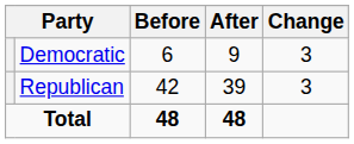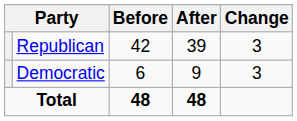 <table class="wikitable" style="text-align:center;">
 <tr>
 </tr>
 <tr>
 <th colspan=2>Party</th>
 <th>Before</th>
 <th>After</th>
 <th>Change</th>
 </tr>
 <tr>
 <th style="background-color:"></th>
-<td style="text-align:left;"><a href='#'>Democratic</a></td>
-<td>6</td>
-<td>9</td>
+<td style="text-align:left;"><a href='#'>Republican</a></td>
+<td>42</td>
+<td>39</td>
 <td> 3</td>
 </tr>
 <tr>
 <th style="background-color:"></th>
-<td style="text-align:left;"><a href='#'>Republican</a></td>
-<td>42</td>
-<td>39</td>
+<td style="text-align:left;"><a href='#'>Democratic</a></td>
+<td>6</td>
+<td>9</td>
 <td> 3</td>
 </tr>
 <tr>
 <td colspan=2><strong>Total</strong></td>
 <td><strong>48</strong></td>
 <td><strong>48</strong></td>
 <td></td>
 </tr>
 </table>
